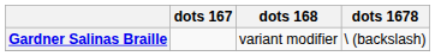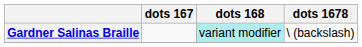 <table class="wikitable">
 <tr>
 <th></th>
 <th>dots 167</th>
 <th>dots 168</th>
 <th>dots 1678</th>
 </tr>
 <tr>
 <th align=left><a href='#'>Gardner Salinas Braille</a></th>
 <td></td>
-<td>variant modifier</td>
+<td style="background: paleturquoise;">variant modifier</td>
 <td>\ (backslash)</td>
 </tr>
 <tr>
 </tr>
 <tr>
 </tr>
 </table>
